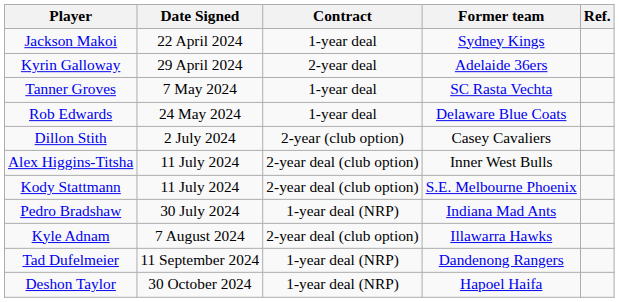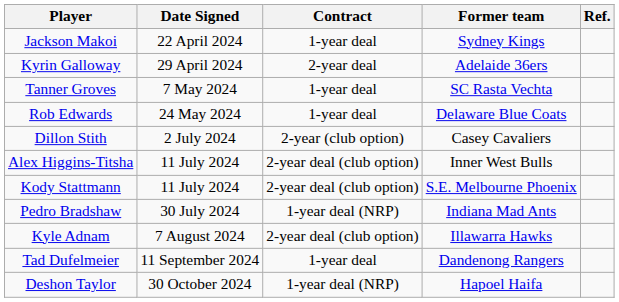 <table class="wikitable sortable sortable" style="text-align: center">
 <tr>
 <th>Player</th>
 <th>Date Signed</th>
 <th>Contract</th>
 <th>Former team</th>
 <th>Ref.</th>
 </tr>
 <tr>
 <td><a href='#'>Jackson Makoi</a></td>
 <td>22 April 2024</td>
 <td>1-year deal</td>
 <td><a href='#'>Sydney Kings</a></td>
 <td></td>
 </tr>
 <tr>
 <td><a href='#'>Kyrin Galloway</a></td>
 <td>29 April 2024</td>
 <td>2-year deal</td>
 <td><a href='#'>Adelaide 36ers</a></td>
 <td></td>
 </tr>
 <tr>
 <td><a href='#'>Tanner Groves</a></td>
 <td>7 May 2024</td>
 <td>1-year deal</td>
 <td><a href='#'>SC Rasta Vechta</a></td>
 <td></td>
 </tr>
 <tr>
 <td><a href='#'>Rob Edwards</a></td>
 <td>24 May 2024</td>
 <td>1-year deal</td>
 <td><a href='#'>Delaware Blue Coats</a></td>
 <td></td>
 </tr>
 <tr>
 <td><a href='#'>Dillon Stith</a></td>
 <td>2 July 2024</td>
 <td>2-year (club option)</td>
 <td>Casey Cavaliers</td>
 <td></td>
 </tr>
 <tr>
 <td><a href='#'>Alex Higgins-Titsha</a></td>
 <td>11 July 2024</td>
 <td>2-year deal (club option)</td>
 <td>Inner West Bulls</td>
 <td></td>
 </tr>
 <tr>
 <td><a href='#'>Kody Stattmann</a></td>
 <td>11 July 2024</td>
 <td>2-year deal (club option)</td>
 <td><a href='#'>S.E. Melbourne Phoenix</a></td>
 <td></td>
 </tr>
 <tr>
 <td><a href='#'>Pedro Bradshaw</a></td>
 <td>30 July 2024</td>
 <td>1-year deal (NRP)</td>
 <td><a href='#'>Indiana Mad Ants</a></td>
 <td></td>
 </tr>
 <tr>
 <td><a href='#'>Kyle Adnam</a></td>
 <td>7 August 2024</td>
 <td>2-year deal (club option)</td>
 <td><a href='#'>Illawarra Hawks</a></td>
 <td></td>
 </tr>
 <tr>
 <td><a href='#'>Tad Dufelmeier</a></td>
 <td>11 September 2024</td>
-<td>1-year deal (NRP)</td>
+<td>1-year deal</td>
 <td><a href='#'>Dandenong Rangers</a></td>
 <td></td>
 </tr>
 <tr>
 <td><a href='#'>Deshon Taylor</a></td>
 <td>30 October 2024</td>
 <td>1-year deal (NRP)</td>
 <td><a href='#'>Hapoel Haifa</a></td>
 <td></td>
 </tr>
 </table>
